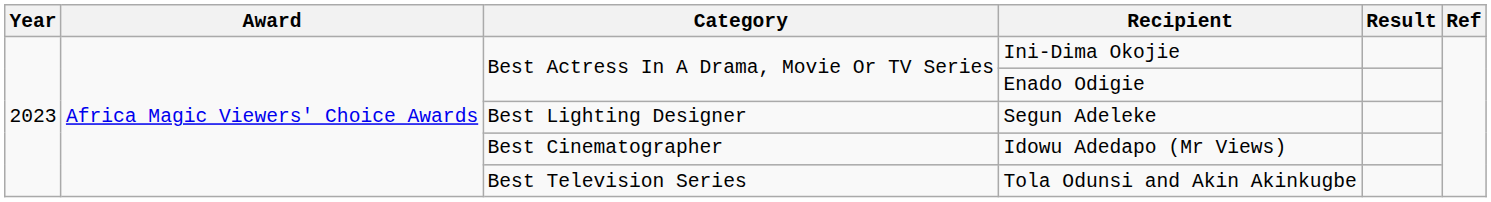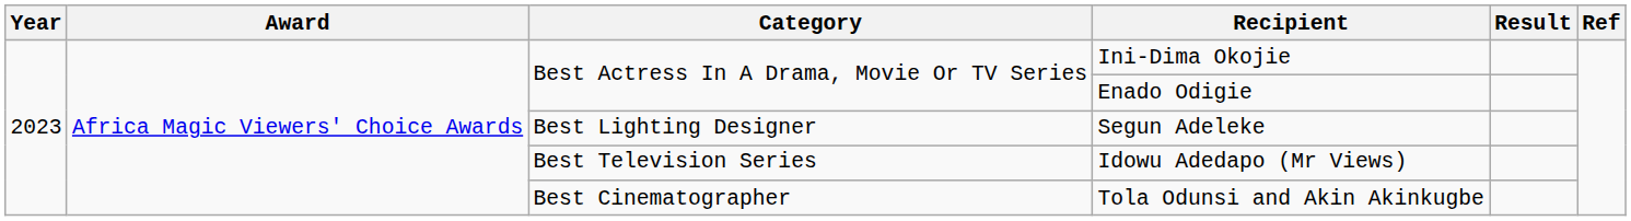 <table class="wikitable">
 <tr>
 <th>Year</th>
 <th>Award</th>
 <th>Category</th>
 <th>Recipient</th>
 <th>Result</th>
 <th>Ref</th>
 </tr>
 <tr>
 <td rowspan="5">2023</td>
 <td rowspan="5"><a href='#'>Africa Magic Viewers' Choice Awards</a></td>
 <td rowspan="2">Best Actress In A Drama, Movie Or TV Series</td>
 <td>Ini-Dima Okojie</td>
 <td></td>
 <td rowspan="5"></td>
 </tr>
 <tr>
 <td>Enado Odigie</td>
 <td></td>
 </tr>
 <tr>
 <td>Best Lighting Designer</td>
 <td>Segun Adeleke</td>
 <td></td>
 </tr>
 <tr>
-<td>Best Cinematographer</td>
+<td>Best Television Series</td>
 <td>Idowu Adedapo (Mr Views)</td>
 <td></td>
 </tr>
 <tr>
-<td>Best Television Series</td>
+<td>Best Cinematographer</td>
 <td>Tola Odunsi and Akin Akinkugbe</td>
 <td></td>
 </tr>
 </table>
